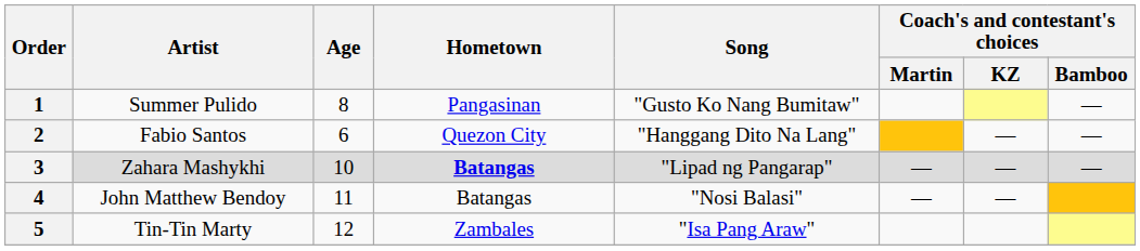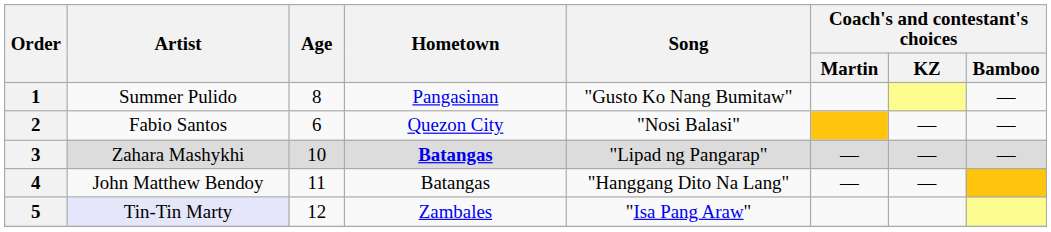 <table class="wikitable" style="text-align:center; line-height:17px; width:100%;">
 <tr>
 <th rowspan="2" scope="col" width="05%">Order</th>
 <th rowspan="2" scope="col" width="20%">Artist</th>
 <th rowspan="2" scope="col" width="05%">Age</th>
 <th rowspan="2" scope="col" width="20%">Hometown</th>
 <th rowspan="2" scope="col" width="22%">Song</th>
 <th colspan="3" scope="col" width="28%">Coach's and contestant's choices</th>
 </tr>
 <tr>
 <th width="07%">Martin</th>
 <th width="07%">KZ</th>
 <th width="07%">Bamboo</th>
 </tr>
 <tr>
 <th>1</th>
 <td>Summer Pulido</td>
 <td>8</td>
 <td><a href='#'>Pangasinan</a></td>
 <td>"Gusto Ko Nang Bumitaw"</td>
 <td><strong></strong></td>
 <td style="background:#fdfc8f;"><strong></strong></td>
 <td>—</td>
 </tr>
 <tr>
 <th>2</th>
 <td>Fabio Santos</td>
 <td>6</td>
 <td><a href='#'>Quezon City</a></td>
-<td>"Hanggang Dito Na Lang"</td>
+<td>"Nosi Balasi"</td>
 <td style="background:#FFC40C;"><strong></strong></td>
 <td>—</td>
 <td>—</td>
 </tr>
 <tr>
 <th>3</th>
 <td style="background:#DCDCDC;">Zahara Mashykhi</td>
 <td style="background:#DCDCDC;">10</td>
 <td style="background:#DCDCDC;"><strong><a href='#'>Batangas</a></strong></td>
 <td style="background:#DCDCDC;">"Lipad ng Pangarap"</td>
 <td style="background:#DCDCDC;">—</td>
 <td style="background:#DCDCDC;">—</td>
 <td style="background:#DCDCDC;">—</td>
 </tr>
 <tr>
 <th>4</th>
 <td>John Matthew Bendoy</td>
 <td>11</td>
 <td>Batangas</td>
-<td>"Nosi Balasi"</td>
+<td>"Hanggang Dito Na Lang"</td>
 <td>—</td>
 <td>—</td>
 <td style="background:#FFC40C;"><strong></strong></td>
 </tr>
 <tr>
 <th>5</th>
-<td>Tin-Tin Marty</td>
+<td style="background: lavender;">Tin-Tin Marty</td>
 <td>12</td>
 <td><a href='#'>Zambales</a></td>
 <td>"<a href='#'>Isa Pang Araw</a>"</td>
 <td><strong></strong></td>
 <td><strong></strong></td>
 <td style="background:#fdfc8f;"><strong></strong></td>
 </tr>
 <tr>
 </tr>
 </table>
